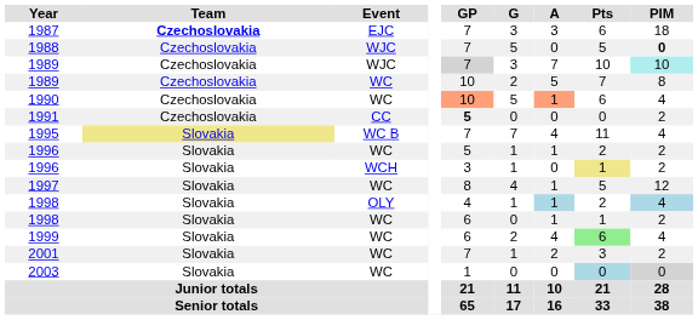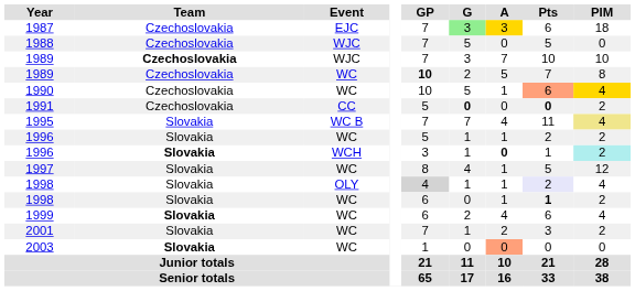 <table border="0" cellpadding="1" cellspacing="0" style="text-align:center; width:50em">
 <tr ALIGN="center" bgcolor="#e0e0e0">
 <th>Year</th>
 <th>Team</th>
 <th>Event</th>
 <th rowspan="99" bgcolor="#ffffff"> </th>
 <th>GP</th>
 <th>G</th>
 <th>A</th>
 <th>Pts</th>
 <th>PIM</th>
 </tr>
 <tr>
 <td><a href='#'>1987</a></td>
-<td><strong><a href='#'>Czechoslovakia</a></strong></td>
+<td><a href='#'>Czechoslovakia</a></td>
 <td><a href='#'>EJC</a></td>
 <td>7</td>
-<td>3</td>
-<td>3</td>
+<td style="background: lightgreen;">3</td>
+<td style="background: gold;">3</td>
 <td>6</td>
 <td>18</td>
 </tr>
 <tr bgcolor="#f0f0f0">
 <td><a href='#'>1988</a></td>
 <td><a href='#'>Czechoslovakia</a></td>
 <td><a href='#'>WJC</a></td>
 <td>7</td>
 <td>5</td>
 <td>0</td>
 <td>5</td>
-<td><strong>0</strong></td>
+<td>0</td>
 </tr>
 <tr>
 <td><a href='#'>1989</a></td>
-<td>Czechoslovakia</td>
+<td><strong>Czechoslovakia</strong></td>
 <td>WJC</td>
-<td style="background: lightgrey;">7</td>
+<td>7</td>
 <td>3</td>
 <td>7</td>
 <td>10</td>
-<td style="background: paleturquoise;">10</td>
+<td>10</td>
 </tr>
 <tr bgcolor="#f0f0f0">
 <td><a href='#'>1989</a></td>
 <td><a href='#'>Czechoslovakia</a></td>
 <td><a href='#'>WC</a></td>
-<td>10</td>
+<td><strong>10</strong></td>
 <td>2</td>
 <td>5</td>
 <td>7</td>
 <td>8</td>
 </tr>
 <tr>
 <td><a href='#'>1990</a></td>
 <td>Czechoslovakia</td>
 <td>WC</td>
-<td style="background: lightsalmon;">10</td>
+<td>10</td>
 <td>5</td>
-<td style="background: lightsalmon;">1</td>
-<td>6</td>
-<td>4</td>
+<td>1</td>
+<td style="background: lightsalmon;">6</td>
+<td style="background: gold;">4</td>
 </tr>
 <tr bgcolor="#f0f0f0">
 <td><a href='#'>1991</a></td>
 <td>Czechoslovakia</td>
 <td><a href='#'>CC</a></td>
-<td><strong>5</strong></td>
+<td>5</td>
+<td><strong>0</strong></td>
 <td>0</td>
-<td>0</td>
-<td>0</td>
+<td><strong>0</strong></td>
 <td>2</td>
 </tr>
 <tr>
 <td><a href='#'>1995</a></td>
-<td style="background: khaki;"><a href='#'>Slovakia</a></td>
+<td><a href='#'>Slovakia</a></td>
 <td><a href='#'>WC B</a></td>
 <td>7</td>
 <td>7</td>
 <td>4</td>
 <td>11</td>
-<td>4</td>
+<td style="background: khaki;">4</td>
 </tr>
 <tr bgcolor="#f0f0f0">
 <td><a href='#'>1996</a></td>
 <td>Slovakia</td>
 <td>WC</td>
 <td>5</td>
 <td>1</td>
 <td>1</td>
 <td>2</td>
 <td>2</td>
 </tr>
 <tr>
 <td><a href='#'>1996</a></td>
-<td>Slovakia</td>
+<td><strong>Slovakia</strong></td>
 <td><a href='#'>WCH</a></td>
 <td>3</td>
 <td>1</td>
-<td>0</td>
-<td style="background: khaki;">1</td>
-<td>2</td>
+<td><strong>0</strong></td>
+<td>1</td>
+<td style="background: paleturquoise;">2</td>
 </tr>
 <tr bgcolor="#f0f0f0">
 <td><a href='#'>1997</a></td>
 <td>Slovakia</td>
 <td>WC</td>
 <td>8</td>
 <td>4</td>
 <td>1</td>
 <td>5</td>
 <td>12</td>
 </tr>
 <tr>
 <td><a href='#'>1998</a></td>
 <td>Slovakia</td>
 <td><a href='#'>OLY</a></td>
+<td style="background: lightgrey;">4</td>
+<td>1</td>
+<td>1</td>
+<td style="background: lavender;">2</td>
 <td>4</td>
-<td>1</td>
-<td style="background: lightblue;">1</td>
-<td>2</td>
-<td style="background: lightblue;">4</td>
 </tr>
 <tr bgcolor="#f0f0f0">
 <td><a href='#'>1998</a></td>
 <td>Slovakia</td>
 <td>WC</td>
 <td>6</td>
 <td>0</td>
 <td>1</td>
-<td>1</td>
+<td><strong>1</strong></td>
 <td>2</td>
 </tr>
 <tr>
 <td><a href='#'>1999</a></td>
-<td>Slovakia</td>
+<td><strong>Slovakia</strong></td>
 <td>WC</td>
 <td>6</td>
 <td>2</td>
 <td>4</td>
-<td style="background: lightgreen;">6</td>
+<td>6</td>
 <td>4</td>
 </tr>
 <tr bgcolor="#f0f0f0">
 <td><a href='#'>2001</a></td>
 <td>Slovakia</td>
 <td>WC</td>
 <td>7</td>
 <td>1</td>
 <td>2</td>
 <td>3</td>
 <td>2</td>
 </tr>
 <tr>
 <td><a href='#'>2003</a></td>
-<td>Slovakia</td>
+<td><strong>Slovakia</strong></td>
 <td>WC</td>
 <td>1</td>
 <td>0</td>
+<td style="background: lightsalmon;">0</td>
 <td>0</td>
-<td style="background: lightblue;">0</td>
-<td style="background: lightgrey;">0</td>
+<td>0</td>
 </tr>
 <tr bgcolor="#e0e0e0">
 <th colspan=3>Junior totals</th>
 <th>21</th>
 <th>11</th>
 <th>10</th>
 <th>21</th>
 <th>28</th>
 </tr>
 <tr bgcolor="#e0e0e0">
 <th colspan=3>Senior totals</th>
 <th>65</th>
 <th>17</th>
 <th>16</th>
 <th>33</th>
 <th>38</th>
 </tr>
 </table>
